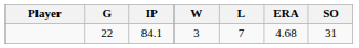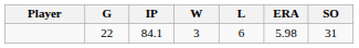 <table class="wikitable sortable">
 <tr>
 <th bgcolor="#DDDDFF" width="16%">Player</th>
 <th bgcolor="#DDDDFF" width="9%">G</th>
 <th bgcolor="#DDDDFF" width="9%">IP</th>
 <th bgcolor="#DDDDFF" width="9%">W</th>
 <th bgcolor="#DDDDFF" width="9%">L</th>
 <th bgcolor="#DDDDFF" width="9%">ERA</th>
 <th bgcolor="#DDDDFF" width="9%">SO</th>
 </tr>
 <tr align="center">
 <td></td>
 <td>22</td>
 <td>84.1</td>
 <td>3</td>
-<td>7</td>
-<td>4.68</td>
+<td>6</td>
+<td>5.98</td>
 <td>31</td>
 </tr>
 </table>
